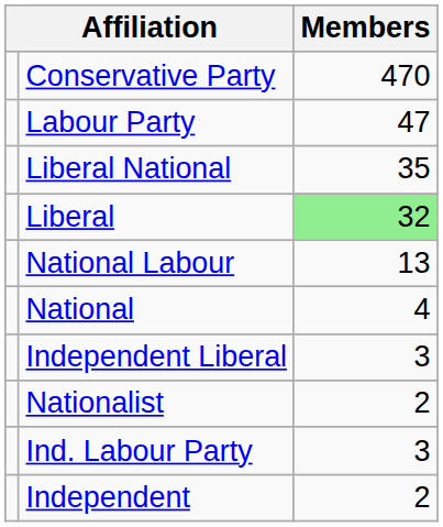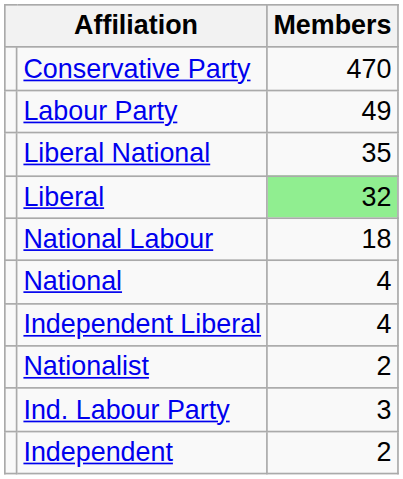 <table class="wikitable">
 <tr>
 <th colspan="2">Affiliation</th>
 <th>Members</th>
 </tr>
 <tr>
 <td style="color:inherit;background:"></td>
 <td><a href='#'>Conservative Party</a></td>
 <td align="right">470</td>
 </tr>
 <tr>
 <td style="color:inherit;background:"></td>
 <td><a href='#'>Labour Party</a></td>
-<td align="right">47</td>
+<td align="right">49</td>
 </tr>
 <tr>
 <td style="color:inherit;background:"></td>
 <td><a href='#'>Liberal National</a></td>
 <td align="right">35</td>
 </tr>
 <tr>
 <td style="color:inherit;background:"></td>
 <td><a href='#'>Liberal</a></td>
 <td align="right" style="background: lightgreen;">32</td>
 </tr>
 <tr>
 <td style="color:inherit;background:"></td>
 <td><a href='#'>National Labour</a></td>
-<td align="right">13</td>
+<td align="right">18</td>
 </tr>
 <tr>
 <td style="color:inherit;background:"></td>
 <td><a href='#'>National</a></td>
 <td align="right">4</td>
 </tr>
 <tr>
 <td style="color:inherit;background:"></td>
 <td><a href='#'>Independent Liberal</a></td>
-<td align="right">3</td>
+<td align="right">4</td>
 </tr>
 <tr>
 <td style="color:inherit;background:"></td>
 <td><a href='#'>Nationalist</a></td>
 <td align="right">2</td>
 </tr>
 <tr>
 <td style="color:inherit;background:"></td>
 <td><a href='#'>Ind. Labour Party</a></td>
 <td align="right">3</td>
 </tr>
 <tr>
 <td style="color:inherit;background:"></td>
 <td><a href='#'>Independent</a></td>
 <td align="right">2</td>
 </tr>
 </table>
